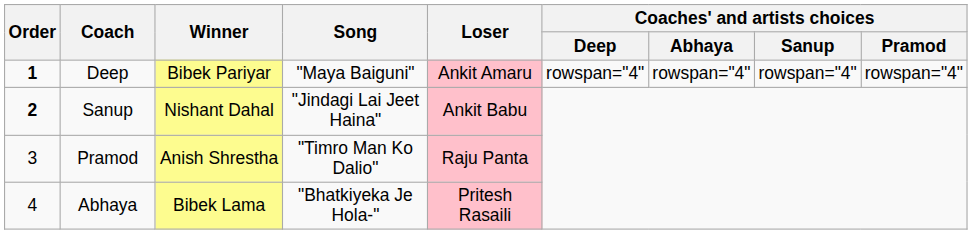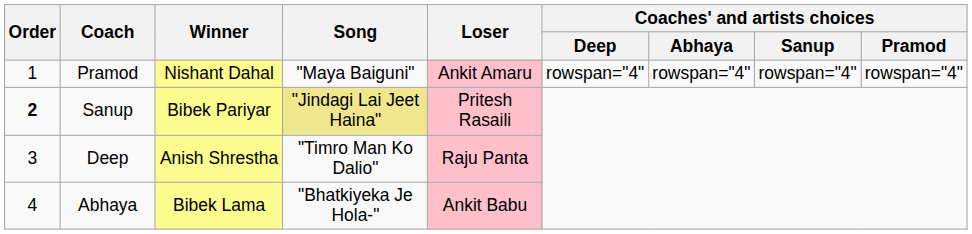 <table class="wikitable plainrowheaders" style="text-align:center; width:100%;">
 <tr>
 <th scope="col" style="width:05%;" rowspan="2">Order</th>
 <th scope="col" style="width:15%;" rowspan="2">Coach</th>
 <th scope="col" style="width:23%;" rowspan="2">Winner</th>
 <th scope="col" style="width:24%;" rowspan="2">Song</th>
 <th scope="col" style="width:22%;" rowspan="2">Loser</th>
 <th scope="col" style="width:20%;" colspan="4">Coaches' and artists choices</th>
 </tr>
 <tr>
 <th scope="col" style="width:05%;">Deep</th>
 <th scope="col" style="width:05%;">Abhaya</th>
 <th scope="col" style="width:05%;">Sanup</th>
 <th scope="col" style="width:05%;">Pramod</th>
 </tr>
 <tr>
-<td scope="row"><strong>1</strong></td>
-<td>Deep</td>
-<td style="background:#fdfc8f;text-align:center;">Bibek Pariyar</td>
+<td scope="row">1</td>
+<td>Pramod</td>
+<td style="background:#fdfc8f;text-align:center;">Nishant Dahal</td>
 <td>"Maya Baiguni"</td>
 <td style="background:pink;text-align:center;">Ankit Amaru</td>
 <td>rowspan="4" </td>
 <td>rowspan="4" </td>
 <td>rowspan="4" </td>
 <td>rowspan="4" </td>
 </tr>
 <tr>
 <td scope="row"><strong>2</strong></td>
 <td>Sanup</td>
-<td style="background:#fdfc8f;text-align:center;">Nishant Dahal</td>
-<td>"Jindagi Lai Jeet Haina"</td>
-<td style="background:pink;text-align:center;">Ankit Babu</td>
+<td style="background:#fdfc8f;text-align:center;">Bibek Pariyar</td>
+<td style="background: khaki;">"Jindagi Lai Jeet Haina"</td>
+<td style="background:pink;text-align:center;">Pritesh Rasaili</td>
 </tr>
 <tr>
 <td scope="row">3</td>
-<td>Pramod</td>
+<td>Deep</td>
 <td style="background:#fdfc8f;text-align:center;">Anish Shrestha</td>
 <td>"Timro Man Ko Dalio"</td>
 <td style="background:pink;text-align:center;">Raju Panta</td>
 </tr>
 <tr>
 <td scope="row">4</td>
 <td>Abhaya</td>
 <td style="background:#fdfc8f;text-align:center;">Bibek Lama</td>
 <td>"Bhatkiyeka Je Hola-"</td>
-<td style="background:pink;text-align:center;">Pritesh Rasaili</td>
+<td style="background:pink;text-align:center;">Ankit Babu</td>
 </tr>
 </table>
